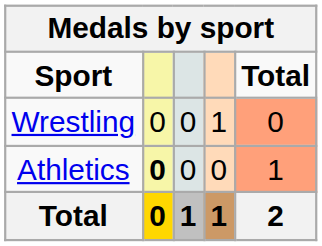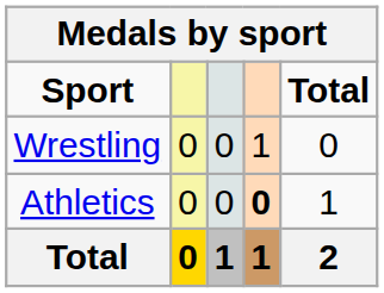 <table class="wikitable" style="font-size:85%; float:right">
 <tr style="background:#efefef;">
 <th colspan=7><strong>Medals by sport</strong></th>
 </tr>
 <tr align=center>
 <td><strong>Sport</strong></td>
 <td style="background:#f7f6a8;"></td>
 <td style="background:#dce5e5;"></td>
 <td style="background:#ffdab9;"></td>
 <td><strong>Total</strong></td>
 </tr>
 <tr align=center>
 <td><a href='#'>Wrestling</a></td>
 <td style="background:#f7f6a8;">0</td>
 <td style="background:#dce5e5;">0</td>
 <td style="background:#ffdab9;">1</td>
-<td style="background: lightsalmon;">0</td>
+<td>0</td>
 </tr>
 <tr align=center>
 <td><a href='#'>Athletics</a></td>
-<td style="background:#f7f6a8;"><strong>0</strong></td>
+<td style="background:#f7f6a8;">0</td>
 <td style="background:#dce5e5;">0</td>
-<td style="background:#ffdab9;">0</td>
-<td style="background: lightsalmon;">1</td>
+<td style="background:#ffdab9;"><strong>0</strong></td>
+<td>1</td>
 </tr>
 <tr align=center>
 <th><strong>Total</strong></th>
 <th style="background:gold;"><strong>0</strong></th>
 <th style="background:silver;"><strong>1</strong></th>
 <th style="background:#c96;"><strong>1</strong></th>
 <th><strong>2</strong></th>
 </tr>
 </table>
